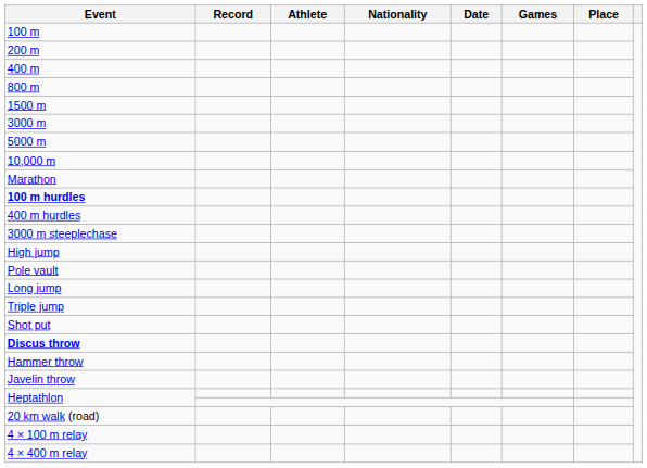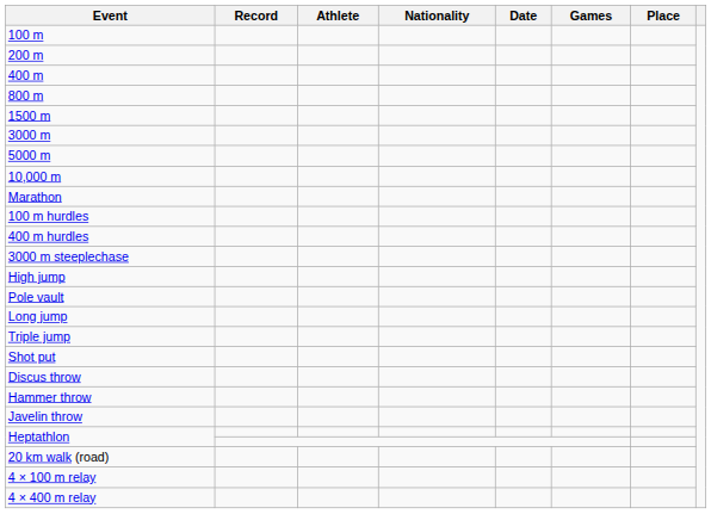 <table class="wikitable" style="font-size:95%; width: 95%;">
 <tr>
 <th>Event</th>
 <th>Record</th>
 <th>Athlete</th>
 <th>Nationality</th>
 <th>Date</th>
 <th>Games</th>
 <th>Place</th>
 <th></th>
 </tr>
 <tr>
 <td><a href='#'>100 m</a></td>
 <td></td>
 <td></td>
 <td></td>
 <td></td>
 <td></td>
 <td></td>
 </tr>
 <tr>
 <td><a href='#'>200 m</a></td>
 <td></td>
 <td></td>
 <td></td>
 <td></td>
 <td></td>
 <td></td>
 </tr>
 <tr>
 <td><a href='#'>400 m</a></td>
 <td></td>
 <td></td>
 <td></td>
 <td></td>
 <td></td>
 <td></td>
 </tr>
 <tr>
 <td><a href='#'>800 m</a></td>
 <td></td>
 <td></td>
 <td></td>
 <td></td>
 <td></td>
 <td></td>
 </tr>
 <tr>
 <td><a href='#'>1500 m</a></td>
 <td></td>
 <td></td>
 <td></td>
 <td></td>
 <td></td>
 <td></td>
 </tr>
 <tr>
 <td><a href='#'>3000 m</a></td>
 <td></td>
 <td></td>
 <td></td>
 <td></td>
 <td></td>
 <td></td>
 </tr>
 <tr>
 <td><a href='#'>5000 m</a></td>
 <td></td>
 <td></td>
 <td></td>
 <td></td>
 <td></td>
 <td></td>
 </tr>
 <tr>
 <td><a href='#'>10,000 m</a></td>
 <td></td>
 <td></td>
 <td></td>
 <td></td>
 <td></td>
 <td></td>
 </tr>
 <tr>
 <td><a href='#'>Marathon</a></td>
 <td></td>
 <td></td>
 <td></td>
 <td></td>
 <td></td>
 <td></td>
 </tr>
 <tr>
-<td><strong><a href='#'>100 m hurdles</a></strong></td>
+<td><a href='#'>100 m hurdles</a></td>
 <td></td>
 <td></td>
 <td></td>
 <td></td>
 <td></td>
 <td></td>
 </tr>
 <tr>
 <td><a href='#'>400 m hurdles</a></td>
 <td></td>
 <td></td>
 <td></td>
 <td></td>
 <td></td>
 <td></td>
 </tr>
 <tr>
 <td><a href='#'>3000 m steeplechase</a></td>
 <td></td>
 <td></td>
 <td></td>
 <td></td>
 <td></td>
 <td></td>
 </tr>
 <tr>
 <td><a href='#'>High jump</a></td>
 <td></td>
 <td></td>
 <td></td>
 <td></td>
 <td></td>
 <td></td>
 </tr>
 <tr>
 <td><a href='#'>Pole vault</a></td>
 <td></td>
 <td></td>
 <td></td>
 <td></td>
 <td></td>
 <td></td>
 </tr>
 <tr>
 <td><a href='#'>Long jump</a></td>
 <td></td>
 <td></td>
 <td></td>
 <td></td>
 <td></td>
 <td></td>
 </tr>
 <tr>
 <td><a href='#'>Triple jump</a></td>
 <td></td>
 <td></td>
 <td></td>
 <td></td>
 <td></td>
 <td></td>
 </tr>
 <tr>
 <td><a href='#'>Shot put</a></td>
 <td></td>
 <td></td>
 <td></td>
 <td></td>
 <td></td>
 <td></td>
 </tr>
 <tr>
-<td><strong><a href='#'>Discus throw</a></strong></td>
+<td><a href='#'>Discus throw</a></td>
 <td></td>
 <td></td>
 <td></td>
 <td></td>
 <td></td>
 <td></td>
 </tr>
 <tr>
 <td><a href='#'>Hammer throw</a></td>
 <td></td>
 <td></td>
 <td></td>
 <td></td>
 <td></td>
 <td></td>
 </tr>
 <tr>
 <td><a href='#'>Javelin throw</a></td>
 <td></td>
 <td></td>
 <td></td>
 <td></td>
 <td></td>
 <td></td>
 </tr>
 <tr>
 <td rowspan=2><a href='#'>Heptathlon</a></td>
 <td></td>
 <td></td>
 <td></td>
 <td></td>
 <td></td>
 <td></td>
 </tr>
 <tr>
 <td colspan=5></td>
 <td></td>
 </tr>
 <tr>
 <td><a href='#'>20 km walk</a> (road)</td>
 <td></td>
 <td></td>
 <td></td>
 <td></td>
 <td></td>
 <td></td>
 </tr>
 <tr>
 <td><a href='#'>4 × 100 m relay</a></td>
 <td></td>
 <td></td>
 <td></td>
 <td></td>
 <td></td>
 <td></td>
 </tr>
 <tr>
 <td><a href='#'>4 × 400 m relay</a></td>
 <td></td>
 <td></td>
 <td></td>
 <td></td>
 <td></td>
 <td></td>
 </tr>
 </table>
